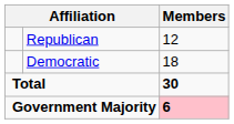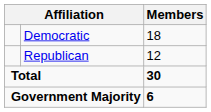 <table class="wikitable">
 <tr>
 <th colspan="2">Affiliation</th>
 <th>Members</th>
 </tr>
 <tr>
 <td style="background-color:"> </td>
-<td><a href='#'>Republican</a></td>
-<td>12</td>
+<td><a href='#'>Democratic</a></td>
+<td>18</td>
 </tr>
 <tr>
 <td style="background-color:"> </td>
-<td><a href='#'>Democratic</a></td>
-<td>18</td>
+<td><a href='#'>Republican</a></td>
+<td>12</td>
 </tr>
 <tr>
 <td colspan="2" rowspan="1"> <strong>Total</strong></td>
 <td><strong>30</strong></td>
 </tr>
 <tr>
 <td colspan="2" rowspan="1"> <strong>Government Majority</strong></td>
-<td style="background: pink;"><strong>6</strong></td>
+<td><strong>6</strong></td>
 </tr>
 </table>
